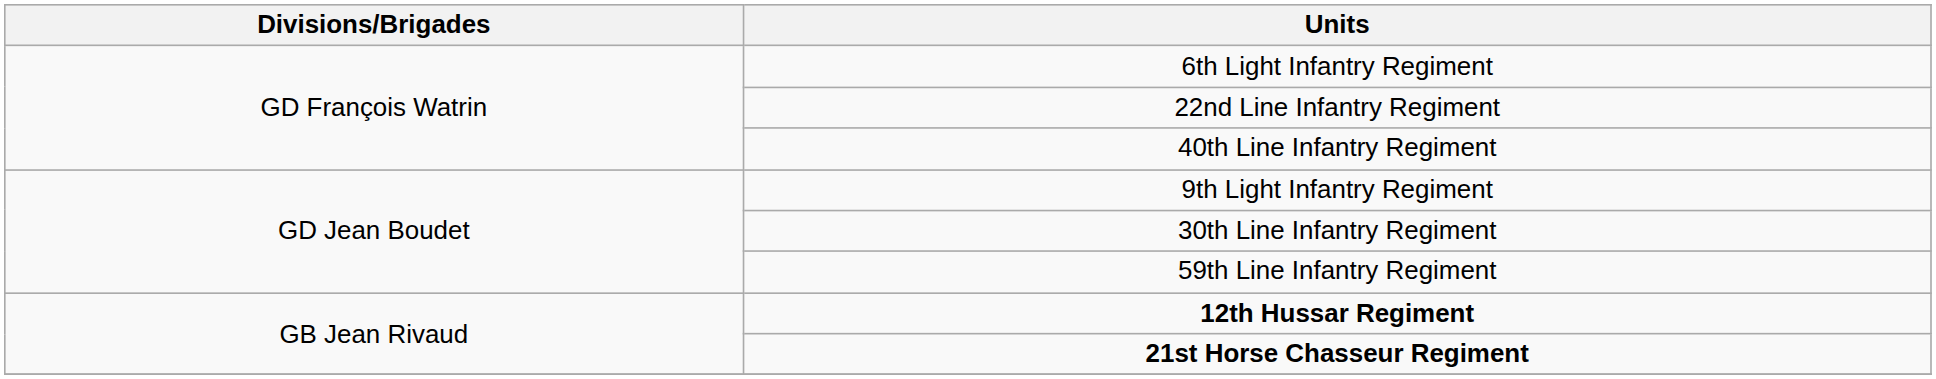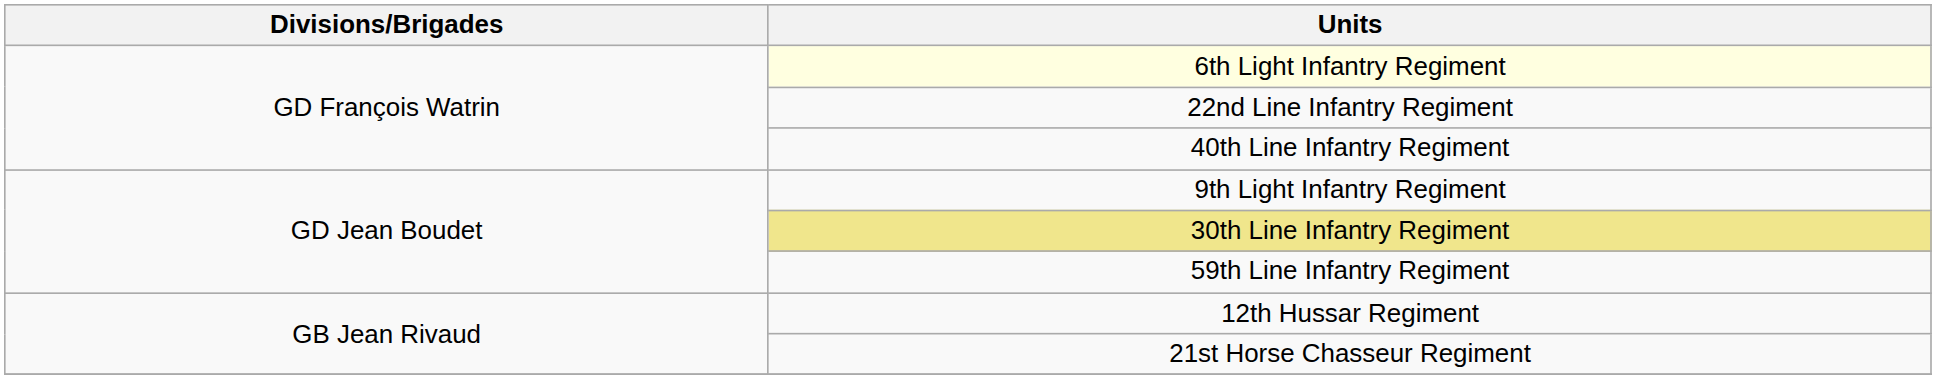 <table class="wikitable" style="text-align:center; width:60%;">
 <tr>
 <th>Divisions/Brigades</th>
 <th>Units</th>
 </tr>
 <tr>
 <td rowspan=3>GD François Watrin</td>
-<td>6th Light Infantry Regiment</td>
+<td style="background: lightyellow;">6th Light Infantry Regiment</td>
 </tr>
 <tr>
 <td>22nd Line Infantry Regiment</td>
 </tr>
 <tr>
 <td>40th Line Infantry Regiment</td>
 </tr>
 <tr>
 <td rowspan=3>GD Jean Boudet</td>
 <td>9th Light Infantry Regiment</td>
 </tr>
 <tr>
-<td>30th Line Infantry Regiment</td>
+<td style="background: khaki;">30th Line Infantry Regiment</td>
 </tr>
 <tr>
 <td>59th Line Infantry Regiment</td>
 </tr>
 <tr>
 <td rowspan=2>GB Jean Rivaud</td>
-<td><strong>12th Hussar Regiment</strong></td>
+<td>12th Hussar Regiment</td>
 </tr>
 <tr>
-<td><strong>21st Horse Chasseur Regiment</strong></td>
+<td>21st Horse Chasseur Regiment</td>
 </tr>
 <tr>
 </tr>
 </table>
